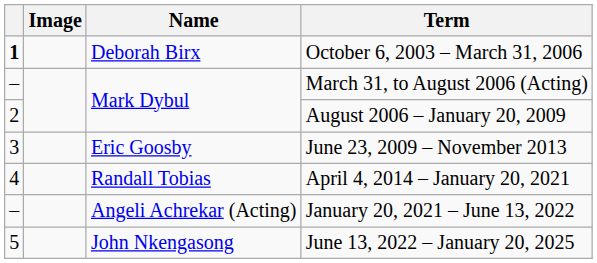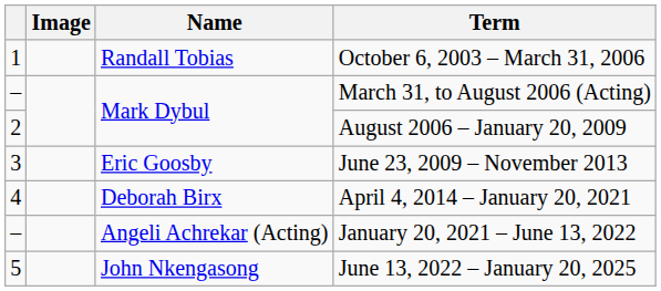 <table class="wikitable">
 <tr>
 <th></th>
 <th>Image</th>
 <th>Name</th>
 <th>Term</th>
 </tr>
 <tr>
-<td><strong>1</strong></td>
+<td>1</td>
 <td></td>
-<td><a href='#'>Deborah Birx</a></td>
+<td><a href='#'>Randall Tobias</a></td>
 <td>October 6, 2003 – March 31, 2006</td>
 </tr>
 <tr>
 <td>–</td>
 <td rowspan=2></td>
 <td rowspan=2><a href='#'>Mark Dybul</a></td>
 <td>March 31, to August 2006 (Acting)</td>
 </tr>
 <tr>
 <td>2</td>
 <td>August 2006 – January 20, 2009</td>
 </tr>
 <tr>
 <td>3</td>
 <td></td>
 <td><a href='#'>Eric Goosby</a></td>
 <td>June 23, 2009 – November 2013</td>
 </tr>
 <tr>
 <td>4</td>
 <td></td>
-<td><a href='#'>Randall Tobias</a></td>
+<td><a href='#'>Deborah Birx</a></td>
 <td>April 4, 2014 – January 20, 2021</td>
 </tr>
 <tr>
 <td>–</td>
 <td></td>
 <td><a href='#'>Angeli Achrekar</a> (Acting)</td>
 <td>January 20, 2021 – June 13, 2022</td>
 </tr>
 <tr>
 <td>5</td>
 <td></td>
 <td><a href='#'>John Nkengasong</a></td>
 <td>June 13, 2022 – January 20, 2025</td>
 </tr>
 </table>
